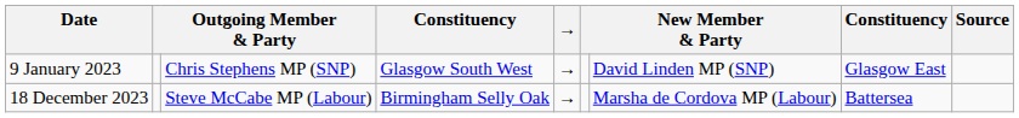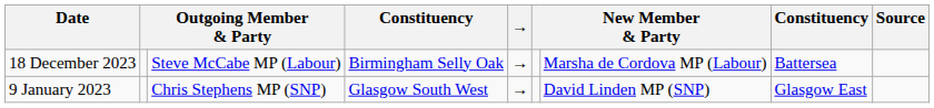 <table class="wikitable">
 <tr>
 <th valign="top">Date</th>
 <th colspan="2" valign="top">Outgoing Member<br>& Party</th>
 <th valign="top">Constituency</th>
 <th>→</th>
 <th colspan="2" valign="top">New Member<br>& Party</th>
 <th valign="top">Constituency</th>
 <th valign="top">Source</th>
+</tr>
+<tr>
+<td nowrap>18 December 2023</td>
+<td style="color:inherit;background:"></td>
+<td><a href='#'>Steve McCabe</a> MP (<a href='#'>Labour</a>)</td>
+<td><a href='#'>Birmingham Selly Oak</a></td>
+<td>→</td>
+<td style="color:inherit;background:"></td>
+<td><a href='#'>Marsha de Cordova</a> MP (<a href='#'>Labour</a>)</td>
+<td><a href='#'>Battersea</a></td>
+<td></td>
 </tr>
 <tr>
 <td nowrap>9 January 2023</td>
 <td style="color:inherit;background:"></td>
 <td><a href='#'>Chris Stephens</a> MP (<a href='#'>SNP</a>)</td>
 <td><a href='#'>Glasgow South West</a></td>
 <td>→</td>
 <td style="color:inherit;background:"></td>
 <td><a href='#'>David Linden</a> MP (<a href='#'>SNP</a>)</td>
 <td><a href='#'>Glasgow East</a></td>
 <td></td>
 </tr>
-<tr>
-<td nowrap>18 December 2023</td>
-<td style="color:inherit;background:"></td>
-<td><a href='#'>Steve McCabe</a> MP (<a href='#'>Labour</a>)</td>
-<td><a href='#'>Birmingham Selly Oak</a></td>
-<td>→</td>
-<td style="color:inherit;background:"></td>
-<td><a href='#'>Marsha de Cordova</a> MP (<a href='#'>Labour</a>)</td>
-<td><a href='#'>Battersea</a></td>
-<td></td>
-</tr>
 </table>
